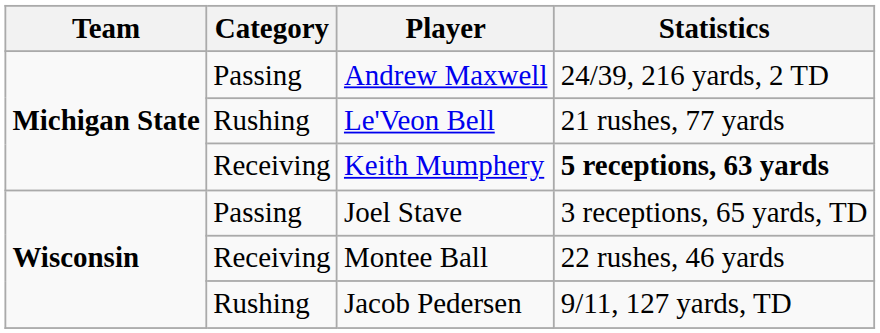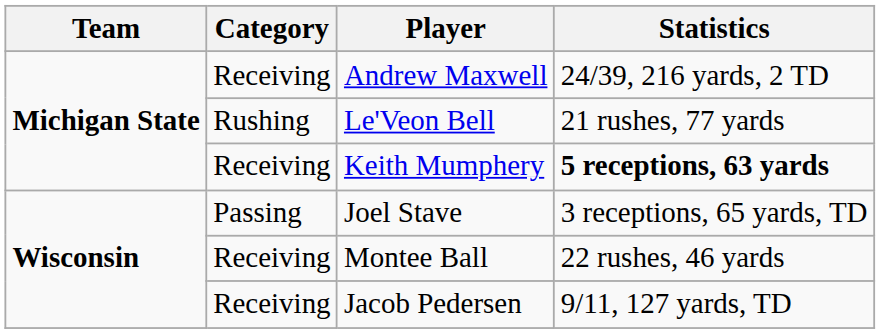 <table class="wikitable" style="float: right;">
 <tr>
 <th>Team</th>
 <th>Category</th>
 <th>Player</th>
 <th>Statistics</th>
 </tr>
 <tr>
 <td rowspan=3><strong>Michigan State</strong></td>
-<td>Passing</td>
+<td>Receiving</td>
 <td><a href='#'>Andrew Maxwell</a></td>
 <td>24/39, 216 yards, 2 TD</td>
 </tr>
 <tr>
 <td>Rushing</td>
 <td><a href='#'>Le'Veon Bell</a></td>
 <td>21 rushes, 77 yards</td>
 </tr>
 <tr>
 <td>Receiving</td>
 <td><a href='#'>Keith Mumphery</a></td>
 <td><strong>5 receptions, 63 yards</strong></td>
 </tr>
 <tr>
 <td rowspan=3><strong>Wisconsin</strong></td>
 <td>Passing</td>
 <td>Joel Stave</td>
 <td>3 receptions, 65 yards, TD</td>
 </tr>
 <tr>
 <td>Receiving</td>
 <td>Montee Ball</td>
 <td>22 rushes, 46 yards</td>
 </tr>
 <tr>
-<td>Rushing</td>
+<td>Receiving</td>
 <td>Jacob Pedersen</td>
 <td>9/11, 127 yards, TD</td>
 </tr>
 </table>
